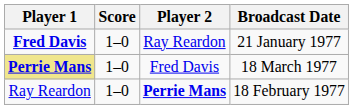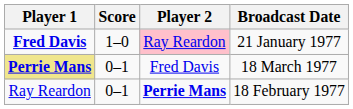 <table class="wikitable" style="text-align: center">
 <tr>
 <th>Player 1</th>
 <th>Score</th>
 <th>Player 2</th>
 <th>Broadcast Date</th>
 </tr>
 <tr>
 <td> <strong><a href='#'>Fred Davis</a></strong></td>
 <td>1–0</td>
-<td> <a href='#'>Ray Reardon</a></td>
+<td style="background: pink;"> <a href='#'>Ray Reardon</a></td>
 <td>21 January 1977</td>
 </tr>
 <tr>
 <td style="background: khaki;"> <strong><a href='#'>Perrie Mans</a></strong></td>
-<td>1–0</td>
+<td>0–1</td>
 <td> <a href='#'>Fred Davis</a></td>
 <td>18 March 1977</td>
 </tr>
 <tr>
 <td> <a href='#'>Ray Reardon</a></td>
-<td>1–0</td>
+<td>0–1</td>
 <td> <strong><a href='#'>Perrie Mans</a></strong></td>
 <td>18 February 1977</td>
 </tr>
 </table>
